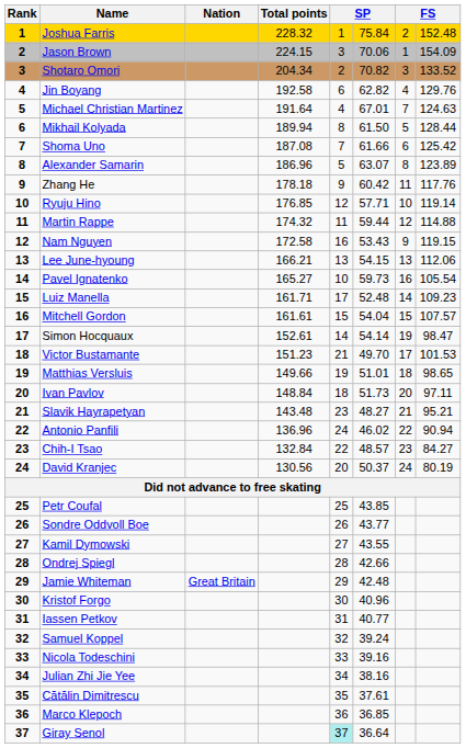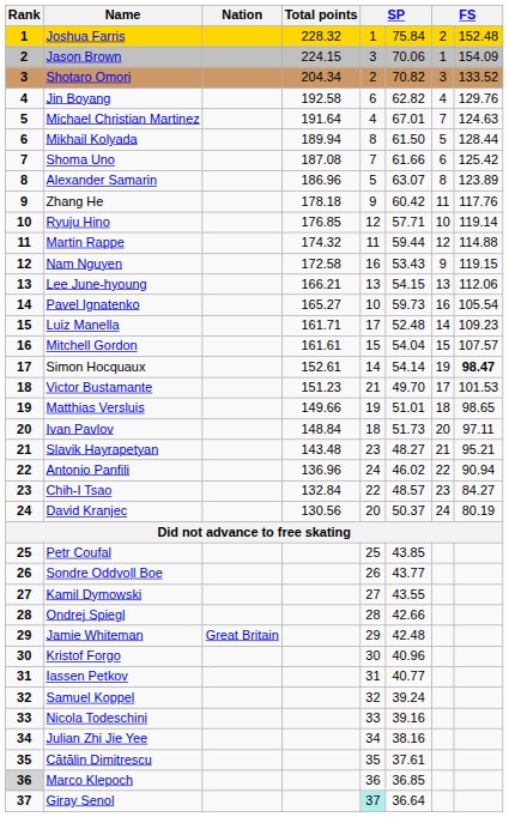 <table class="wikitable sortable">
 <tr>
 <th>Rank</th>
 <th>Name</th>
 <th>Nation</th>
 <th>Total points</th>
 <th colspan="2" width="80px"><a href='#'>SP</a></th>
 <th colspan="2" width="80px"><a href='#'>FS</a></th>
 </tr>
 <tr style="background-color: gold;">
 <td style="text-align: center;"><strong>1</strong></td>
 <td><a href='#'>Joshua Farris</a></td>
 <td></td>
 <td style="text-align: center;">228.32</td>
 <td style="text-align: center;">1</td>
 <td style="text-align: center;">75.84</td>
 <td style="text-align: center;">2</td>
 <td style="text-align: center;">152.48</td>
 </tr>
 <tr style="background-color: silver;">
 <td style="text-align: center;"><strong>2</strong></td>
 <td><a href='#'>Jason Brown</a></td>
 <td></td>
 <td style="text-align: center;">224.15</td>
 <td style="text-align: center;">3</td>
 <td style="text-align: center;">70.06</td>
 <td style="text-align: center;">1</td>
 <td style="text-align: center;">154.09</td>
 </tr>
 <tr style="background-color: #cc9966;">
 <td style="text-align: center;"><strong>3</strong></td>
 <td><a href='#'>Shotaro Omori</a></td>
 <td></td>
 <td style="text-align: center;">204.34</td>
 <td style="text-align: center;">2</td>
 <td style="text-align: center;">70.82</td>
 <td style="text-align: center;">3</td>
 <td style="text-align: center;">133.52</td>
 </tr>
 <tr>
 <td style="text-align: center;"><strong>4</strong></td>
 <td><a href='#'>Jin Boyang</a></td>
 <td></td>
 <td style="text-align: center;">192.58</td>
 <td style="text-align: center;">6</td>
 <td style="text-align: center;">62.82</td>
 <td style="text-align: center;">4</td>
 <td style="text-align: center;">129.76</td>
 </tr>
 <tr>
 <td style="text-align: center;"><strong>5</strong></td>
 <td><a href='#'>Michael Christian Martinez</a></td>
 <td></td>
 <td style="text-align: center;">191.64</td>
 <td style="text-align: center;">4</td>
 <td style="text-align: center;">67.01</td>
 <td style="text-align: center;">7</td>
 <td style="text-align: center;">124.63</td>
 </tr>
 <tr>
 <td style="text-align: center;"><strong>6</strong></td>
 <td><a href='#'>Mikhail Kolyada</a></td>
 <td></td>
 <td style="text-align: center;">189.94</td>
 <td style="text-align: center;">8</td>
 <td style="text-align: center;">61.50</td>
 <td style="text-align: center;">5</td>
 <td style="text-align: center;">128.44</td>
 </tr>
 <tr>
 <td style="text-align: center;"><strong>7</strong></td>
 <td><a href='#'>Shoma Uno</a></td>
 <td></td>
 <td style="text-align: center;">187.08</td>
 <td style="text-align: center;">7</td>
 <td style="text-align: center;">61.66</td>
 <td style="text-align: center;">6</td>
 <td style="text-align: center;">125.42</td>
 </tr>
 <tr>
 <td style="text-align: center;"><strong>8</strong></td>
 <td><a href='#'>Alexander Samarin</a></td>
 <td></td>
 <td style="text-align: center;">186.96</td>
 <td style="text-align: center;">5</td>
 <td style="text-align: center;">63.07</td>
 <td style="text-align: center;">8</td>
 <td style="text-align: center;">123.89</td>
 </tr>
 <tr>
 <td style="text-align: center;"><strong>9</strong></td>
 <td>Zhang He</td>
 <td></td>
 <td style="text-align: center;">178.18</td>
 <td style="text-align: center;">9</td>
 <td style="text-align: center;">60.42</td>
 <td style="text-align: center;">11</td>
 <td style="text-align: center;">117.76</td>
 </tr>
 <tr>
 <td style="text-align: center;"><strong>10</strong></td>
 <td><a href='#'>Ryuju Hino</a></td>
 <td></td>
 <td style="text-align: center;">176.85</td>
 <td style="text-align: center;">12</td>
 <td style="text-align: center;">57.71</td>
 <td style="text-align: center;">10</td>
 <td style="text-align: center;">119.14</td>
 </tr>
 <tr>
 <td style="text-align: center;"><strong>11</strong></td>
 <td><a href='#'>Martin Rappe</a></td>
 <td></td>
 <td style="text-align: center;">174.32</td>
 <td style="text-align: center;">11</td>
 <td style="text-align: center;">59.44</td>
 <td style="text-align: center;">12</td>
 <td style="text-align: center;">114.88</td>
 </tr>
 <tr>
 <td style="text-align: center;"><strong>12</strong></td>
 <td><a href='#'>Nam Nguyen</a></td>
 <td></td>
 <td style="text-align: center;">172.58</td>
 <td style="text-align: center;">16</td>
 <td style="text-align: center;">53.43</td>
 <td style="text-align: center;">9</td>
 <td style="text-align: center;">119.15</td>
 </tr>
 <tr>
 <td style="text-align: center;"><strong>13</strong></td>
 <td><a href='#'>Lee June-hyoung</a></td>
 <td></td>
 <td style="text-align: center;">166.21</td>
 <td style="text-align: center;">13</td>
 <td style="text-align: center;">54.15</td>
 <td style="text-align: center;">13</td>
 <td style="text-align: center;">112.06</td>
 </tr>
 <tr>
 <td style="text-align: center;"><strong>14</strong></td>
 <td><a href='#'>Pavel Ignatenko</a></td>
 <td></td>
 <td style="text-align: center;">165.27</td>
 <td style="text-align: center;">10</td>
 <td style="text-align: center;">59.73</td>
 <td style="text-align: center;">16</td>
 <td style="text-align: center;">105.54</td>
 </tr>
 <tr>
 <td style="text-align: center;"><strong>15</strong></td>
 <td><a href='#'>Luiz Manella</a></td>
 <td></td>
 <td style="text-align: center;">161.71</td>
 <td style="text-align: center;">17</td>
 <td style="text-align: center;">52.48</td>
 <td style="text-align: center;">14</td>
 <td style="text-align: center;">109.23</td>
 </tr>
 <tr>
 <td style="text-align: center;"><strong>16</strong></td>
 <td><a href='#'>Mitchell Gordon</a></td>
 <td></td>
 <td style="text-align: center;">161.61</td>
 <td style="text-align: center;">15</td>
 <td style="text-align: center;">54.04</td>
 <td style="text-align: center;">15</td>
 <td style="text-align: center;">107.57</td>
 </tr>
 <tr>
 <td style="text-align: center;"><strong>17</strong></td>
 <td>Simon Hocquaux</td>
 <td></td>
 <td style="text-align: center;">152.61</td>
 <td style="text-align: center;">14</td>
 <td style="text-align: center;">54.14</td>
 <td style="text-align: center;">19</td>
-<td style="text-align: center;">98.47</td>
+<td style="text-align: center;"><strong>98.47</strong></td>
 </tr>
 <tr>
 <td style="text-align: center;"><strong>18</strong></td>
 <td><a href='#'>Victor Bustamante</a></td>
 <td></td>
 <td style="text-align: center;">151.23</td>
 <td style="text-align: center;">21</td>
 <td style="text-align: center;">49.70</td>
 <td style="text-align: center;">17</td>
 <td style="text-align: center;">101.53</td>
 </tr>
 <tr>
 <td style="text-align: center;"><strong>19</strong></td>
 <td><a href='#'>Matthias Versluis</a></td>
 <td></td>
 <td style="text-align: center;">149.66</td>
 <td style="text-align: center;">19</td>
 <td style="text-align: center;">51.01</td>
 <td style="text-align: center;">18</td>
 <td style="text-align: center;">98.65</td>
 </tr>
 <tr>
 <td style="text-align: center;"><strong>20</strong></td>
 <td><a href='#'>Ivan Pavlov</a></td>
 <td></td>
 <td style="text-align: center;">148.84</td>
 <td style="text-align: center;">18</td>
 <td style="text-align: center;">51.73</td>
 <td style="text-align: center;">20</td>
 <td style="text-align: center;">97.11</td>
 </tr>
 <tr>
 <td style="text-align: center;"><strong>21</strong></td>
 <td><a href='#'>Slavik Hayrapetyan</a></td>
 <td></td>
 <td style="text-align: center;">143.48</td>
 <td style="text-align: center;">23</td>
 <td style="text-align: center;">48.27</td>
 <td style="text-align: center;">21</td>
 <td style="text-align: center;">95.21</td>
 </tr>
 <tr>
 <td style="text-align: center;"><strong>22</strong></td>
 <td><a href='#'>Antonio Panfili</a></td>
 <td></td>
 <td style="text-align: center;">136.96</td>
 <td style="text-align: center;">24</td>
 <td style="text-align: center;">46.02</td>
 <td style="text-align: center;">22</td>
 <td style="text-align: center;">90.94</td>
 </tr>
 <tr>
 <td style="text-align: center;"><strong>23</strong></td>
 <td><a href='#'>Chih-I Tsao</a></td>
 <td></td>
 <td style="text-align: center;">132.84</td>
 <td style="text-align: center;">22</td>
 <td style="text-align: center;">48.57</td>
 <td style="text-align: center;">23</td>
 <td style="text-align: center;">84.27</td>
 </tr>
 <tr>
 <td style="text-align: center;"><strong>24</strong></td>
 <td><a href='#'>David Kranjec</a></td>
 <td></td>
 <td style="text-align: center;">130.56</td>
 <td style="text-align: center;">20</td>
 <td style="text-align: center;">50.37</td>
 <td style="text-align: center;">24</td>
 <td style="text-align: center;">80.19</td>
 </tr>
 <tr>
 <th colspan=10>Did not advance to free skating</th>
 </tr>
 <tr>
 <td style="text-align: center;"><strong>25</strong></td>
 <td><a href='#'>Petr Coufal</a></td>
 <td></td>
 <td style="text-align: center;"></td>
 <td style="text-align: center;">25</td>
 <td style="text-align: center;">43.85</td>
 <td style="text-align: center;"></td>
 <td style="text-align: center;"></td>
 </tr>
 <tr>
 <td style="text-align: center;"><strong>26</strong></td>
 <td><a href='#'>Sondre Oddvoll Boe</a></td>
 <td></td>
 <td style="text-align: center;"></td>
 <td style="text-align: center;">26</td>
 <td style="text-align: center;">43.77</td>
 <td style="text-align: center;"></td>
 <td style="text-align: center;"></td>
 </tr>
 <tr>
 <td style="text-align: center;"><strong>27</strong></td>
 <td><a href='#'>Kamil Dymowski</a></td>
 <td></td>
 <td style="text-align: center;"></td>
 <td style="text-align: center;">27</td>
 <td style="text-align: center;">43.55</td>
 <td style="text-align: center;"></td>
 <td style="text-align: center;"></td>
 </tr>
 <tr>
 <td style="text-align: center;"><strong>28</strong></td>
 <td><a href='#'>Ondrej Spiegl</a></td>
 <td></td>
 <td style="text-align: center;"></td>
 <td style="text-align: center;">28</td>
 <td style="text-align: center;">42.66</td>
 <td style="text-align: center;"></td>
 <td style="text-align: center;"></td>
 </tr>
 <tr>
 <td style="text-align: center;"><strong>29</strong></td>
 <td><a href='#'>Jamie Whiteman</a></td>
 <td> <a href='#'>Great Britain</a></td>
 <td style="text-align: center;"></td>
 <td style="text-align: center;">29</td>
 <td style="text-align: center;">42.48</td>
 <td style="text-align: center;"></td>
 <td style="text-align: center;"></td>
 </tr>
 <tr>
 <td style="text-align: center;"><strong>30</strong></td>
 <td><a href='#'>Kristof Forgo</a></td>
 <td></td>
 <td style="text-align: center;"></td>
 <td style="text-align: center;">30</td>
 <td style="text-align: center;">40.96</td>
 <td style="text-align: center;"></td>
 <td style="text-align: center;"></td>
 </tr>
 <tr>
 <td style="text-align: center;"><strong>31</strong></td>
 <td><a href='#'>Iassen Petkov</a></td>
 <td></td>
 <td style="text-align: center;"></td>
 <td style="text-align: center;">31</td>
 <td style="text-align: center;">40.77</td>
 <td style="text-align: center;"></td>
 <td style="text-align: center;"></td>
 </tr>
 <tr>
 <td style="text-align: center;"><strong>32</strong></td>
 <td><a href='#'>Samuel Koppel</a></td>
 <td></td>
 <td style="text-align: center;"></td>
 <td style="text-align: center;">32</td>
 <td style="text-align: center;">39.24</td>
 <td style="text-align: center;"></td>
 <td style="text-align: center;"></td>
 </tr>
 <tr>
 <td style="text-align: center;"><strong>33</strong></td>
 <td><a href='#'>Nicola Todeschini</a></td>
 <td></td>
 <td style="text-align: center;"></td>
 <td style="text-align: center;">33</td>
 <td style="text-align: center;">39.16</td>
 <td style="text-align: center;"></td>
 <td style="text-align: center;"></td>
 </tr>
 <tr>
 <td style="text-align: center;"><strong>34</strong></td>
 <td><a href='#'>Julian Zhi Jie Yee</a></td>
 <td></td>
 <td style="text-align: center;"></td>
 <td style="text-align: center;">34</td>
 <td style="text-align: center;">38.16</td>
 <td style="text-align: center;"></td>
 <td style="text-align: center;"></td>
 </tr>
 <tr>
 <td style="text-align: center;"><strong>35</strong></td>
 <td><a href='#'>Cătălin Dimitrescu</a></td>
 <td></td>
 <td style="text-align: center;"></td>
 <td style="text-align: center;">35</td>
 <td style="text-align: center;">37.61</td>
 <td style="text-align: center;"></td>
 <td style="text-align: center;"></td>
 </tr>
 <tr>
-<td style="text-align: center;"><strong>36</strong></td>
+<td style="background: lightgrey; text-align: center;"><strong>36</strong></td>
 <td><a href='#'>Marco Klepoch</a></td>
 <td></td>
 <td style="text-align: center;"></td>
 <td style="text-align: center;">36</td>
 <td style="text-align: center;">36.85</td>
 <td style="text-align: center;"></td>
 <td style="text-align: center;"></td>
 </tr>
 <tr>
 <td style="text-align: center;"><strong>37</strong></td>
 <td><a href='#'>Giray Senol</a></td>
 <td></td>
 <td style="text-align: center;"></td>
 <td style="background: paleturquoise; text-align: center;">37</td>
 <td style="text-align: center;">36.64</td>
 <td style="text-align: center;"></td>
 <td style="text-align: center;"></td>
 </tr>
 </table>
